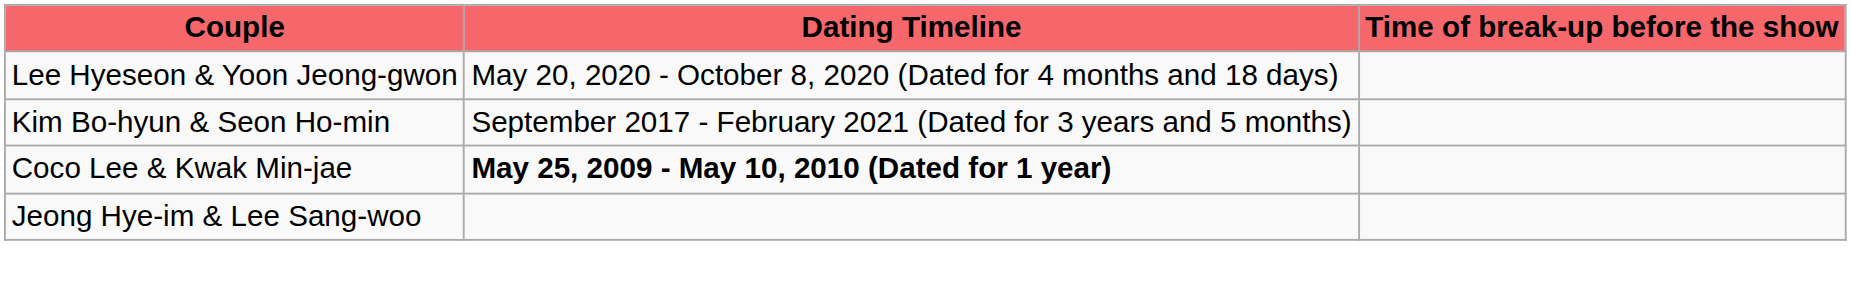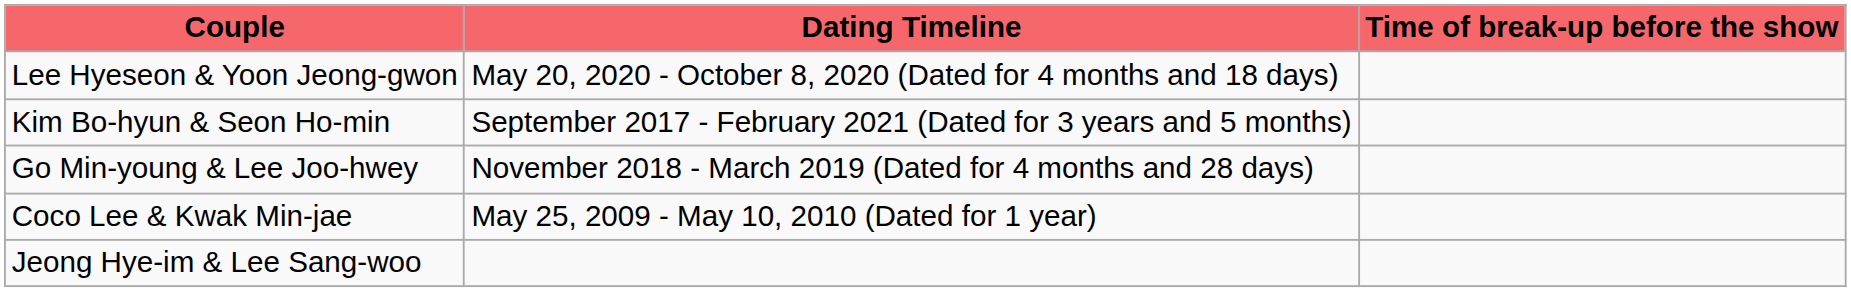 <table class="wikitable sortable" style="line-color:none">
 <tr style="background:#F6676C; font-weight:bold; text-align:center">
 <td>Couple</td>
 <td>Dating Timeline</td>
 <td>Time of break-up before the show</td>
 </tr>
 <tr>
 <td>Lee Hyeseon & Yoon Jeong-gwon</td>
 <td>May 20, 2020 - October 8, 2020 (Dated for 4 months and 18 days)</td>
 <td></td>
 </tr>
 <tr>
 <td>Kim Bo-hyun & Seon Ho-min</td>
 <td>September 2017 - February 2021 (Dated for 3 years and 5 months)</td>
 <td></td>
 </tr>
 <tr>
+<td>Go Min-young & Lee Joo-hwey</td>
+<td>November 2018 - March 2019 (Dated for 4 months and 28 days)</td>
+<td></td>
+</tr>
+<tr>
 <td>Coco Lee & Kwak Min-jae</td>
-<td><strong>May 25, 2009 - May 10, 2010 (Dated for 1 year)</strong></td>
+<td>May 25, 2009 - May 10, 2010 (Dated for 1 year)</td>
 <td></td>
 </tr>
 <tr>
 <td>Jeong Hye-im & Lee Sang-woo</td>
 <td></td>
 <td></td>
 </tr>
 </table>
